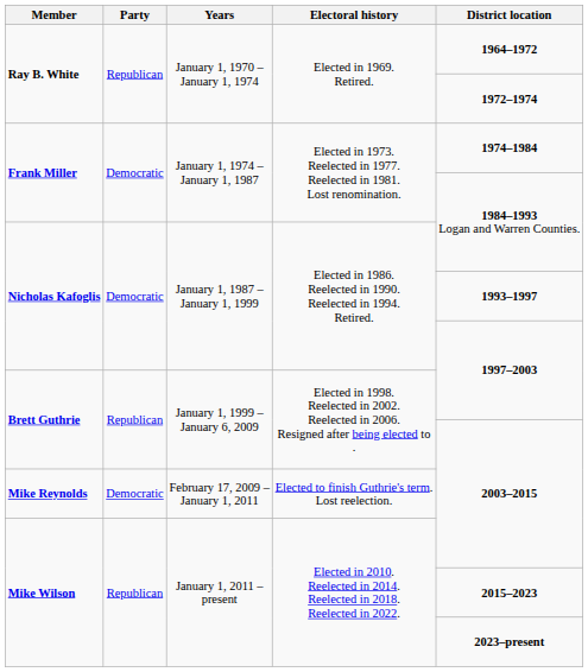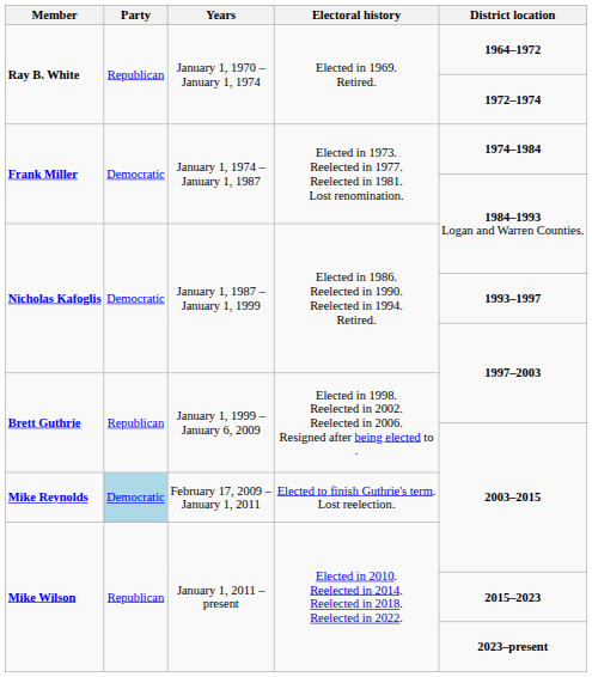 <table class=wikitable style="text-align:center">
 <tr>
 <th>Member</th>
 <th>Party</th>
 <th>Years</th>
 <th>Electoral history</th>
 <th>District location</th>
 </tr>
 <tr style="height:4em">
 <td rowspan=2 align=left><strong>Ray B. White</strong><br></td>
 <td rowspan=2 ><a href='#'>Republican</a></td>
 <td rowspan=2 nowrap>January 1, 1970 –<br>January 1, 1974</td>
 <td rowspan=2>Elected in 1969.<br>Retired.</td>
 <td><strong>1964–1972</strong><br></td>
 </tr>
 <tr style="height:4em">
 <td><strong>1972–1974</strong><br></td>
 </tr>
 <tr style="height:4em">
 <td rowspan=2 align=left><strong><a href='#'>Frank Miller</a></strong><br></td>
 <td rowspan=2 ><a href='#'>Democratic</a></td>
 <td rowspan=2 nowrap>January 1, 1974 –<br>January 1, 1987</td>
 <td rowspan=2>Elected in 1973.<br>Reelected in 1977.<br>Reelected in 1981.<br>Lost renomination.</td>
 <td><strong>1974–1984</strong><br></td>
 </tr>
 <tr style="height:4em">
 <td rowspan=2><strong>1984–1993</strong><br>Logan and Warren Counties.</td>
 </tr>
 <tr style="height:4em">
 <td rowspan=3 align=left><strong><a href='#'>Nicholas Kafoglis</a></strong><br></td>
 <td rowspan=3 ><a href='#'>Democratic</a></td>
 <td rowspan=3 nowrap>January 1, 1987 –<br>January 1, 1999</td>
 <td rowspan=3>Elected in 1986.<br>Reelected in 1990.<br>Reelected in 1994.<br>Retired.</td>
 </tr>
 <tr style="height:4em">
 <td><strong>1993–1997</strong><br></td>
 </tr>
 <tr style="height:4em">
 <td rowspan=2><strong>1997–2003</strong><br></td>
 </tr>
 <tr style="height:4em">
 <td rowspan=2 align=left><strong><a href='#'>Brett Guthrie</a></strong><br></td>
 <td rowspan=2 ><a href='#'>Republican</a></td>
 <td rowspan=2 nowrap>January 1, 1999 –<br>January 6, 2009</td>
 <td rowspan=2>Elected in 1998.<br>Reelected in 2002.<br>Reelected in 2006.<br>Resigned after <a href='#'>being elected</a> to<br>.</td>
 </tr>
 <tr style="height:4em">
 <td rowspan=3><strong>2003–2015</strong><br></td>
 </tr>
 <tr style="height:4em">
 <td align=left><strong><a href='#'>Mike Reynolds</a></strong><br></td>
-<td><a href='#'>Democratic</a></td>
+<td style="background: lightblue;"><a href='#'>Democratic</a></td>
 <td nowrap>February 17, 2009 –<br>January 1, 2011</td>
 <td><a href='#'>Elected to finish Guthrie's term</a>.<br>Lost reelection.</td>
 </tr>
 <tr style="height:4em">
 <td rowspan=3 align=left><strong><a href='#'>Mike Wilson</a></strong><br></td>
 <td rowspan=3 ><a href='#'>Republican</a></td>
 <td rowspan=3 nowrap>January 1, 2011 –<br>present</td>
 <td rowspan=3><a href='#'>Elected in 2010</a>.<br><a href='#'>Reelected in 2014</a>.<br><a href='#'>Reelected in 2018</a>.<br><a href='#'>Reelected in 2022</a>.</td>
 </tr>
 <tr style="height:4em">
 <td><strong>2015–2023</strong><br></td>
 </tr>
 <tr style="height:4em">
 <td><strong>2023–present</strong><br></td>
 </tr>
 </table>
